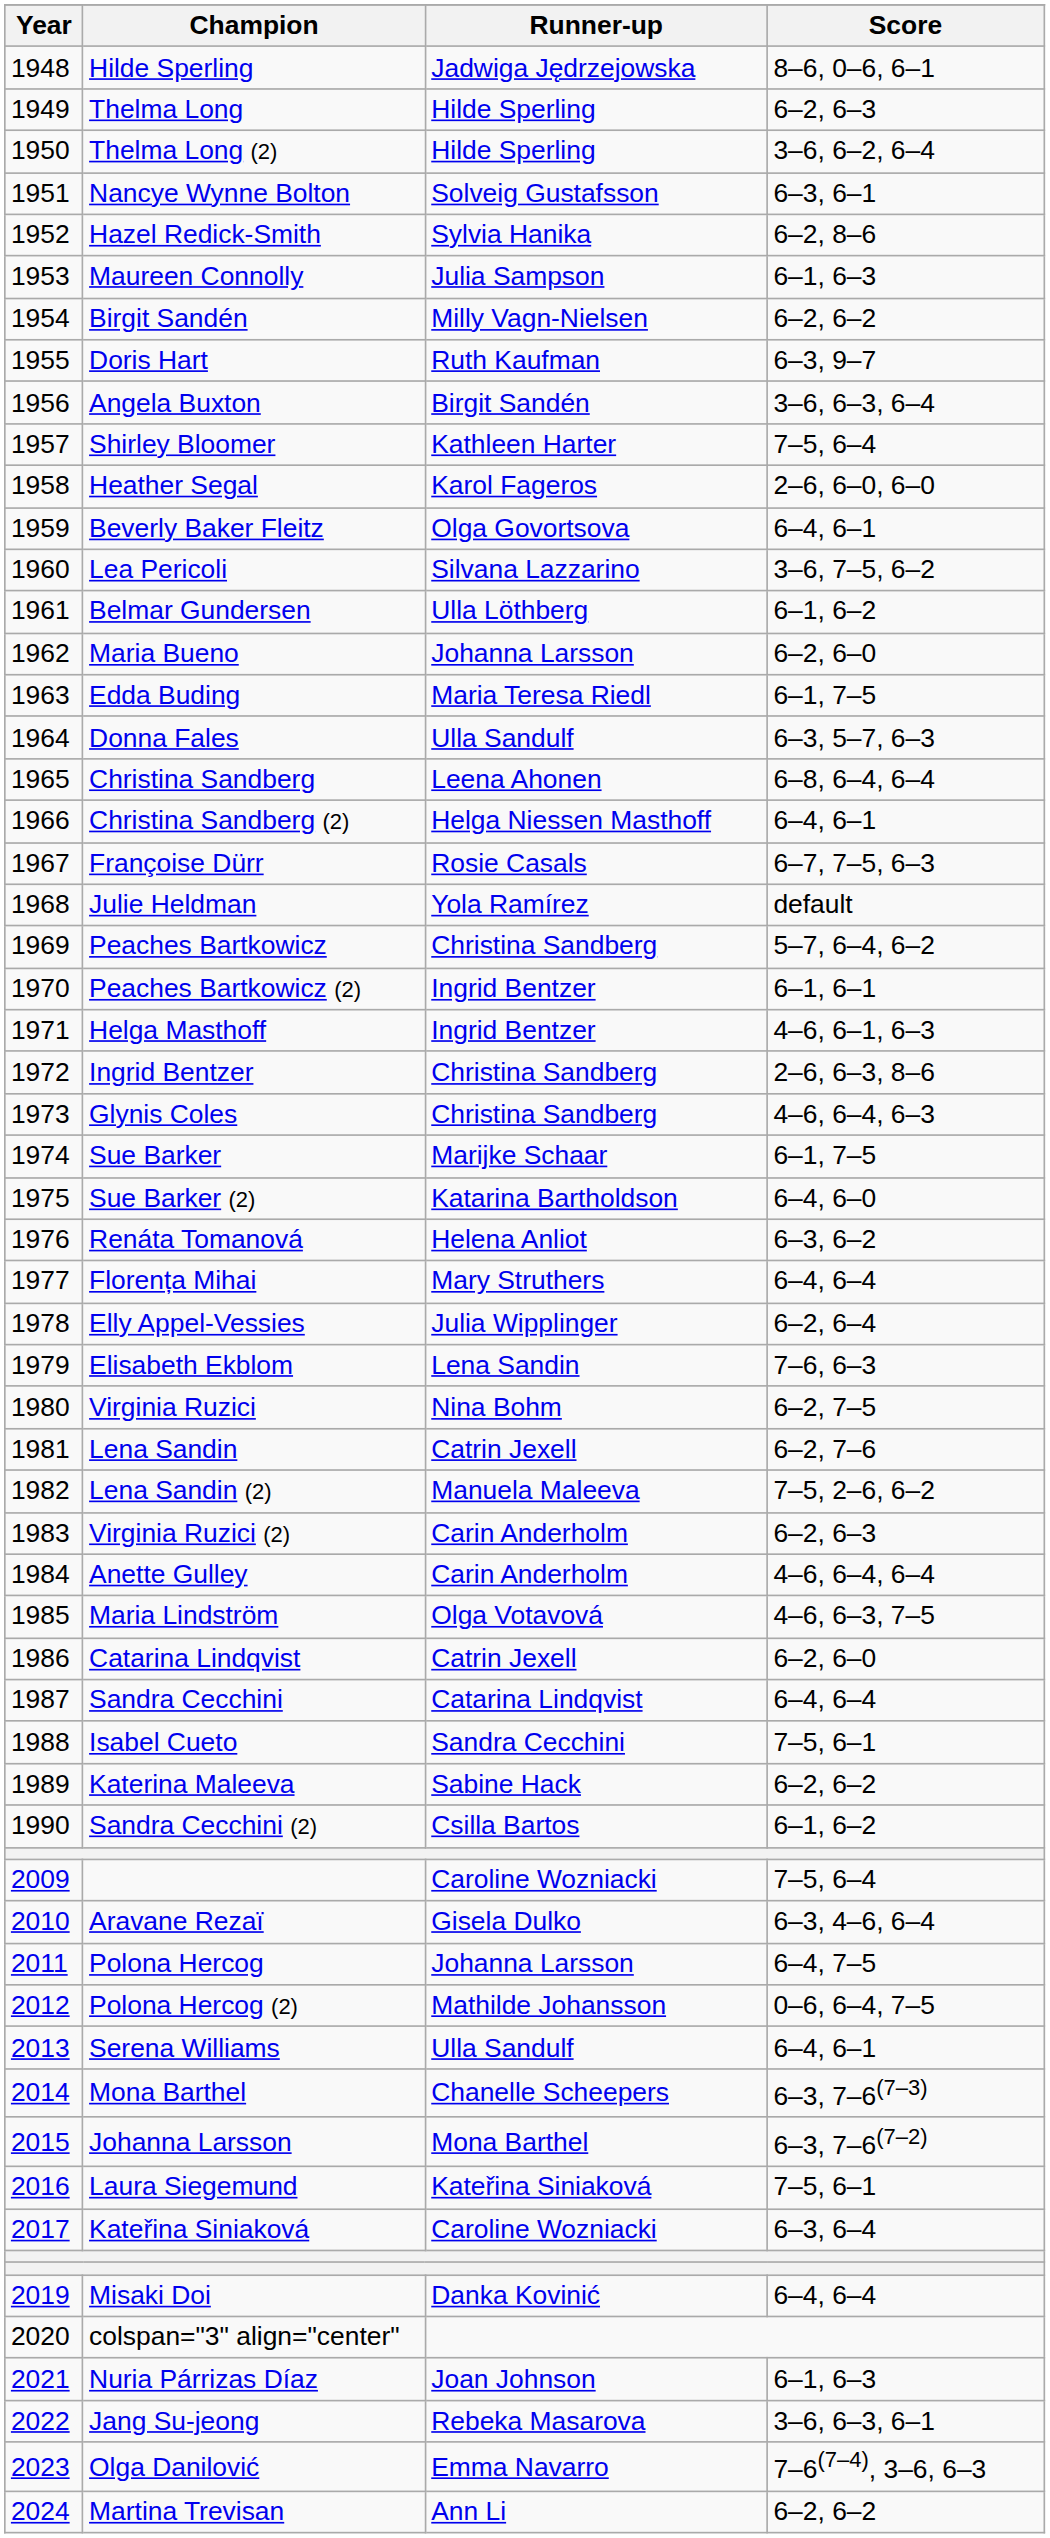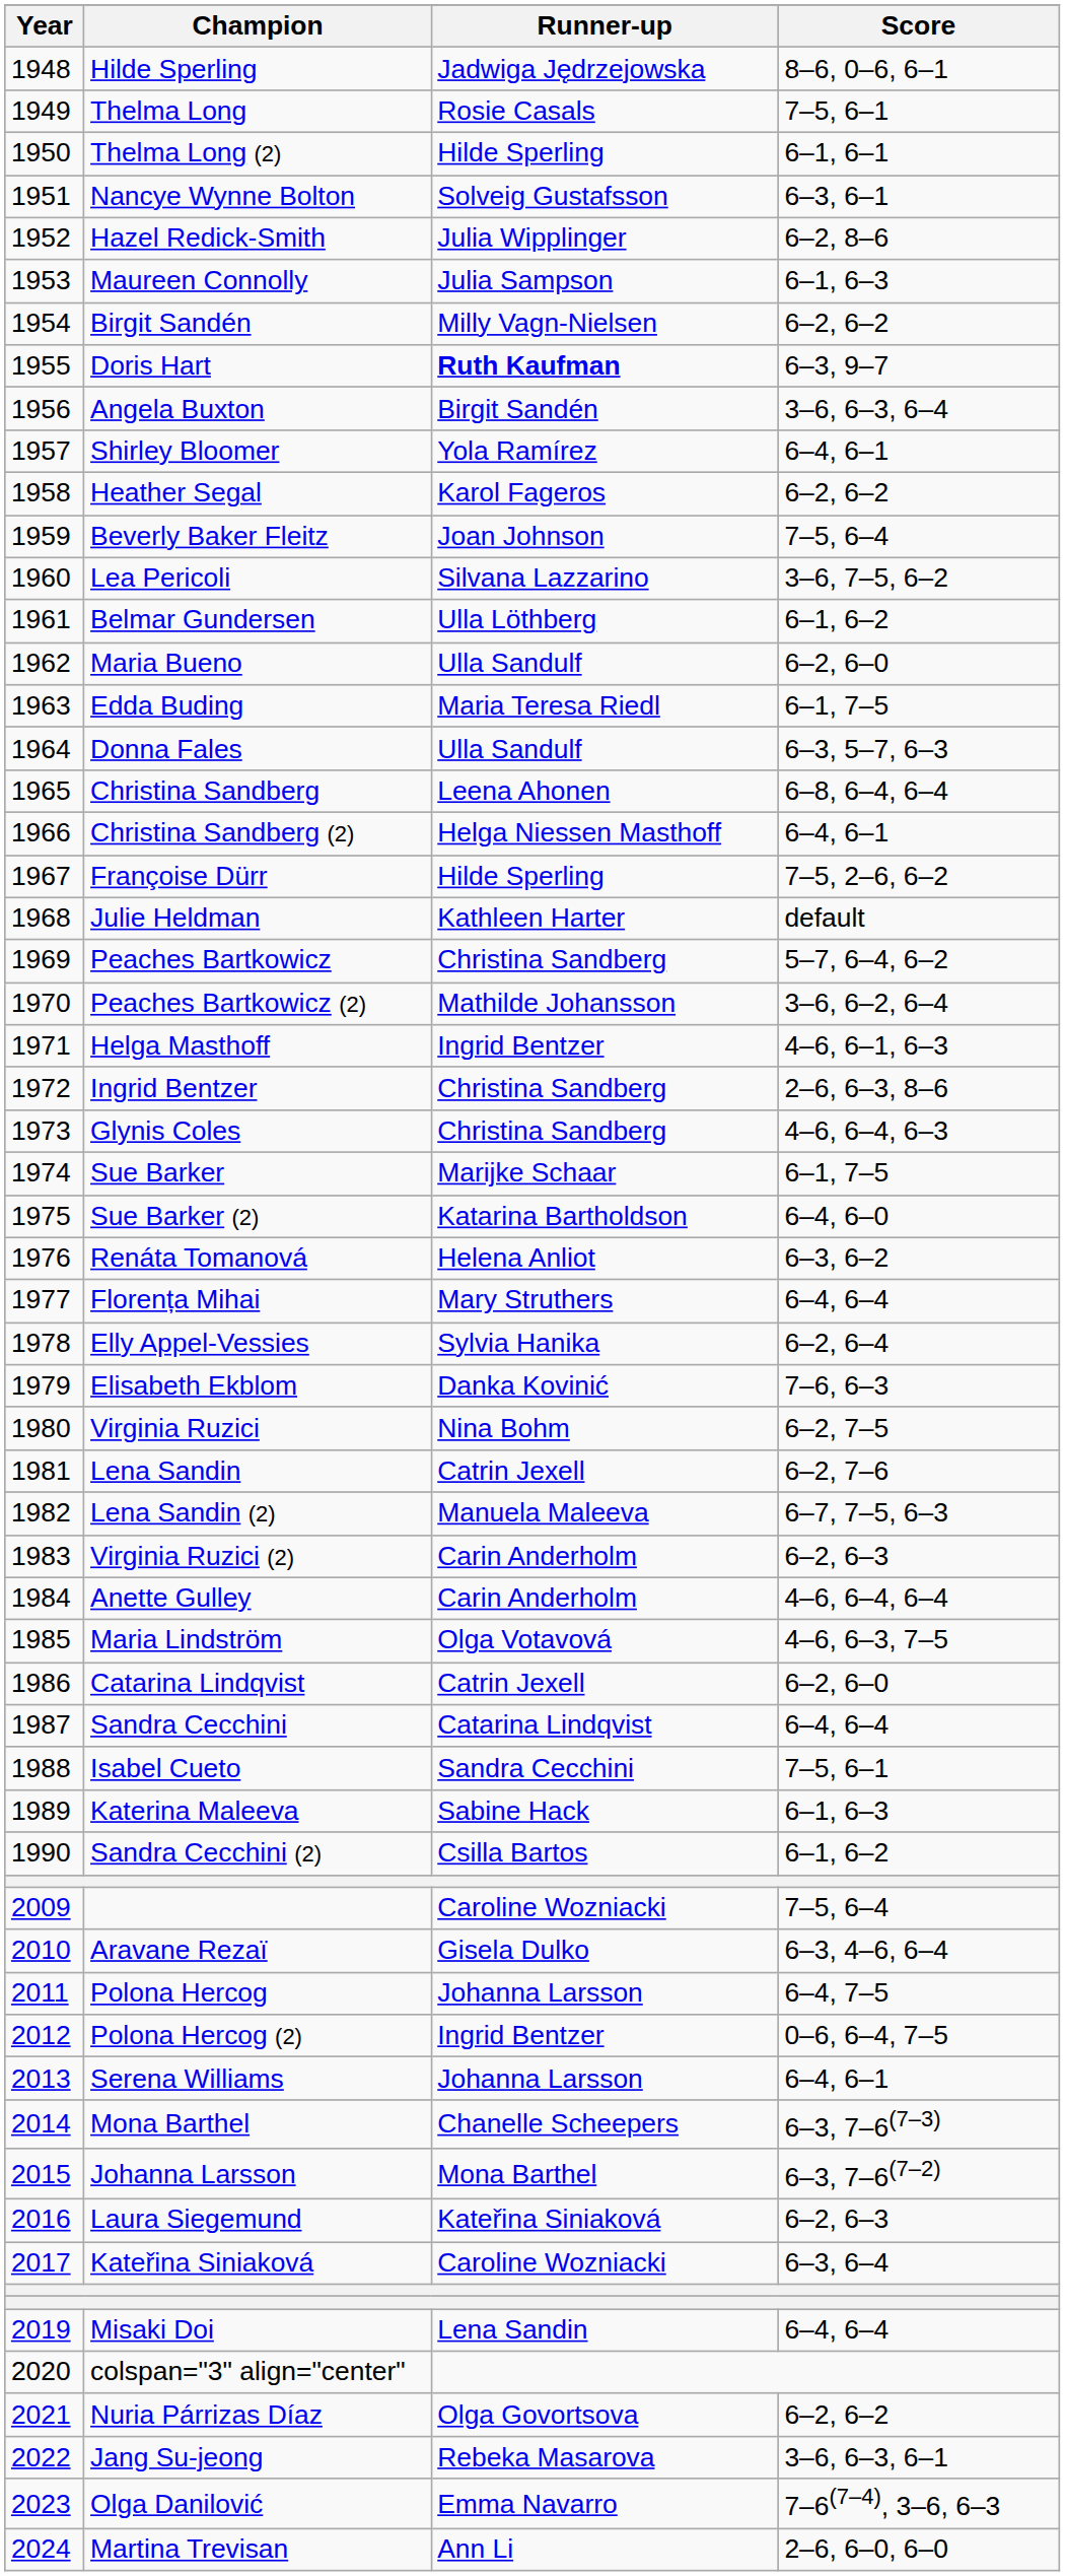 <table class="wikitable">
 <tr>
 </tr>
 <tr>
 <th style="width:40px">Year</th>
 <th style="width:200px">Champion</th>
 <th style="width:200px">Runner-up</th>
 <th style="width:160px" class="unsortable">Score</th>
 </tr>
 <tr>
 <td>1948</td>
 <td> <a href='#'>Hilde Sperling</a></td>
 <td> <a href='#'>Jadwiga Jędrzejowska</a></td>
 <td>8–6, 0–6, 6–1</td>
 </tr>
 <tr>
 <td>1949</td>
 <td> <a href='#'>Thelma Long</a></td>
-<td> <a href='#'>Hilde Sperling</a></td>
-<td>6–2, 6–3</td>
+<td> <a href='#'>Rosie Casals</a></td>
+<td>7–5, 6–1</td>
 </tr>
 <tr>
 <td>1950</td>
 <td> <a href='#'>Thelma Long</a> <small> (2) </small></td>
 <td> <a href='#'>Hilde Sperling</a></td>
-<td>3–6, 6–2, 6–4</td>
+<td>6–1, 6–1</td>
 </tr>
 <tr>
 <td>1951</td>
 <td> <a href='#'>Nancye Wynne Bolton</a></td>
 <td> <a href='#'>Solveig Gustafsson</a></td>
 <td>6–3, 6–1</td>
 </tr>
 <tr>
 <td>1952</td>
 <td> <a href='#'>Hazel Redick-Smith</a></td>
-<td> <a href='#'>Sylvia Hanika</a></td>
+<td> <a href='#'>Julia Wipplinger</a></td>
 <td>6–2, 8–6</td>
 </tr>
 <tr>
 <td>1953</td>
 <td> <a href='#'>Maureen Connolly</a></td>
 <td> <a href='#'>Julia Sampson</a></td>
 <td>6–1, 6–3</td>
 </tr>
 <tr>
 <td>1954</td>
 <td> <a href='#'>Birgit Sandén</a></td>
 <td> <a href='#'>Milly Vagn-Nielsen</a></td>
 <td>6–2, 6–2</td>
 </tr>
 <tr>
 <td>1955</td>
 <td> <a href='#'>Doris Hart</a></td>
-<td> <a href='#'>Ruth Kaufman</a></td>
+<td><strong> <a href='#'>Ruth Kaufman</a></strong></td>
 <td>6–3, 9–7</td>
 </tr>
 <tr>
 <td>1956</td>
 <td> <a href='#'>Angela Buxton</a></td>
 <td> <a href='#'>Birgit Sandén</a></td>
 <td>3–6, 6–3, 6–4</td>
 </tr>
 <tr>
 <td>1957</td>
 <td> <a href='#'>Shirley Bloomer</a></td>
-<td> <a href='#'>Kathleen Harter</a></td>
-<td>7–5, 6–4</td>
+<td> <a href='#'>Yola Ramírez</a></td>
+<td>6–4, 6–1</td>
 </tr>
 <tr>
 <td>1958</td>
 <td> <a href='#'>Heather Segal</a></td>
 <td> <a href='#'>Karol Fageros</a></td>
-<td>2–6, 6–0, 6–0</td>
+<td>6–2, 6–2</td>
 </tr>
 <tr>
 <td>1959</td>
 <td> <a href='#'>Beverly Baker Fleitz</a></td>
-<td> <a href='#'>Olga Govortsova</a></td>
-<td>6–4, 6–1</td>
+<td> <a href='#'>Joan Johnson</a></td>
+<td>7–5, 6–4</td>
 </tr>
 <tr>
 <td>1960</td>
 <td> <a href='#'>Lea Pericoli</a></td>
 <td> <a href='#'>Silvana Lazzarino</a></td>
 <td>3–6, 7–5, 6–2</td>
 </tr>
 <tr>
 <td>1961</td>
 <td> <a href='#'>Belmar Gundersen</a></td>
 <td> <a href='#'>Ulla Löthberg</a></td>
 <td>6–1, 6–2</td>
 </tr>
 <tr>
 <td>1962</td>
 <td> <a href='#'>Maria Bueno</a></td>
-<td> <a href='#'>Johanna Larsson</a></td>
+<td> <a href='#'>Ulla Sandulf</a></td>
 <td>6–2, 6–0</td>
 </tr>
 <tr>
 <td>1963</td>
 <td> <a href='#'>Edda Buding</a></td>
 <td> <a href='#'>Maria Teresa Riedl</a></td>
 <td>6–1, 7–5</td>
 </tr>
 <tr>
 <td>1964</td>
 <td> <a href='#'>Donna Fales</a></td>
 <td> <a href='#'>Ulla Sandulf</a></td>
 <td>6–3, 5–7, 6–3</td>
 </tr>
 <tr>
 <td>1965</td>
 <td> <a href='#'>Christina Sandberg</a></td>
 <td> <a href='#'>Leena Ahonen</a></td>
 <td>6–8, 6–4, 6–4</td>
 </tr>
 <tr>
 <td>1966</td>
 <td> <a href='#'>Christina Sandberg</a> <small> (2) </small></td>
 <td> <a href='#'>Helga Niessen Masthoff</a></td>
 <td>6–4, 6–1</td>
 </tr>
 <tr>
 <td>1967</td>
 <td> <a href='#'>Françoise Dürr</a></td>
-<td> <a href='#'>Rosie Casals</a></td>
-<td>6–7, 7–5, 6–3</td>
+<td> <a href='#'>Hilde Sperling</a></td>
+<td>7–5, 2–6, 6–2</td>
 </tr>
 <tr>
 <td>1968</td>
 <td> <a href='#'>Julie Heldman</a></td>
-<td> <a href='#'>Yola Ramírez</a></td>
+<td> <a href='#'>Kathleen Harter</a></td>
 <td>default</td>
 </tr>
 <tr>
 <td>1969</td>
 <td> <a href='#'>Peaches Bartkowicz</a></td>
 <td> <a href='#'>Christina Sandberg</a></td>
 <td>5–7, 6–4, 6–2</td>
 </tr>
 <tr>
 <td>1970</td>
 <td> <a href='#'>Peaches Bartkowicz</a> <small> (2) </small></td>
-<td> <a href='#'>Ingrid Bentzer</a></td>
-<td>6–1, 6–1</td>
+<td> <a href='#'>Mathilde Johansson</a></td>
+<td>3–6, 6–2, 6–4</td>
 </tr>
 <tr>
 <td>1971</td>
 <td> <a href='#'>Helga Masthoff</a></td>
 <td> <a href='#'>Ingrid Bentzer</a></td>
 <td>4–6, 6–1, 6–3</td>
 </tr>
 <tr>
 <td>1972</td>
 <td> <a href='#'>Ingrid Bentzer</a></td>
 <td> <a href='#'>Christina Sandberg</a></td>
 <td>2–6, 6–3, 8–6</td>
 </tr>
 <tr>
 <td>1973</td>
 <td> <a href='#'>Glynis Coles</a></td>
 <td> <a href='#'>Christina Sandberg</a></td>
 <td>4–6, 6–4, 6–3</td>
 </tr>
 <tr>
 <td>1974</td>
 <td> <a href='#'>Sue Barker</a></td>
 <td> <a href='#'>Marijke Schaar</a></td>
 <td>6–1, 7–5</td>
 </tr>
 <tr>
 <td>1975</td>
 <td> <a href='#'>Sue Barker</a> <small> (2) </small></td>
 <td> <a href='#'>Katarina Bartholdson</a></td>
 <td>6–4, 6–0</td>
 </tr>
 <tr>
 <td>1976</td>
 <td> <a href='#'>Renáta Tomanová</a></td>
 <td> <a href='#'>Helena Anliot</a></td>
 <td>6–3, 6–2</td>
 </tr>
 <tr>
 <td>1977</td>
 <td> <a href='#'>Florența Mihai</a></td>
 <td> <a href='#'>Mary Struthers</a></td>
 <td>6–4, 6–4</td>
 </tr>
 <tr>
 <td>1978</td>
 <td> <a href='#'>Elly Appel-Vessies</a></td>
-<td> <a href='#'>Julia Wipplinger</a></td>
+<td> <a href='#'>Sylvia Hanika</a></td>
 <td>6–2, 6–4</td>
 </tr>
 <tr>
 <td>1979</td>
 <td> <a href='#'>Elisabeth Ekblom</a></td>
-<td> <a href='#'>Lena Sandin</a></td>
+<td> <a href='#'>Danka Kovinić</a></td>
 <td>7–6, 6–3</td>
 </tr>
 <tr>
 <td>1980</td>
 <td> <a href='#'>Virginia Ruzici</a></td>
 <td> <a href='#'>Nina Bohm</a></td>
 <td>6–2, 7–5</td>
 </tr>
 <tr>
 <td>1981</td>
 <td> <a href='#'>Lena Sandin</a></td>
 <td> <a href='#'>Catrin Jexell</a></td>
 <td>6–2, 7–6</td>
 </tr>
 <tr>
 <td>1982</td>
 <td> <a href='#'>Lena Sandin</a> <small> (2) </small></td>
 <td> <a href='#'>Manuela Maleeva</a></td>
-<td>7–5, 2–6, 6–2</td>
+<td>6–7, 7–5, 6–3</td>
 </tr>
 <tr>
 <td>1983</td>
 <td> <a href='#'>Virginia Ruzici</a> <small> (2) </small></td>
 <td> <a href='#'>Carin Anderholm</a></td>
 <td>6–2, 6–3</td>
 </tr>
 <tr>
 <td>1984</td>
 <td> <a href='#'>Anette Gulley</a></td>
 <td> <a href='#'>Carin Anderholm</a></td>
 <td>4–6, 6–4, 6–4</td>
 </tr>
 <tr>
 <td>1985</td>
 <td> <a href='#'>Maria Lindström</a></td>
 <td> <a href='#'>Olga Votavová</a></td>
 <td>4–6, 6–3, 7–5</td>
 </tr>
 <tr>
 <td>1986</td>
 <td> <a href='#'>Catarina Lindqvist</a></td>
 <td> <a href='#'>Catrin Jexell</a></td>
 <td>6–2, 6–0</td>
 </tr>
 <tr>
 <td>1987</td>
 <td> <a href='#'>Sandra Cecchini</a></td>
 <td> <a href='#'>Catarina Lindqvist</a></td>
 <td>6–4, 6–4</td>
 </tr>
 <tr>
 <td>1988</td>
 <td> <a href='#'>Isabel Cueto</a></td>
 <td> <a href='#'>Sandra Cecchini</a></td>
 <td>7–5, 6–1</td>
 </tr>
 <tr>
 <td>1989</td>
 <td> <a href='#'>Katerina Maleeva</a></td>
 <td> <a href='#'>Sabine Hack</a></td>
-<td>6–2, 6–2</td>
+<td>6–1, 6–3</td>
 </tr>
 <tr>
 <td>1990</td>
 <td> <a href='#'>Sandra Cecchini</a> <small> (2) </small></td>
 <td> <a href='#'>Csilla Bartos</a></td>
 <td>6–1, 6–2</td>
 </tr>
 <tr>
 <th colspan="4"></th>
 </tr>
 <tr>
 <td><a href='#'>2009</a></td>
 <td></td>
 <td> <a href='#'>Caroline Wozniacki</a></td>
 <td>7–5, 6–4</td>
 </tr>
 <tr>
 <td><a href='#'>2010</a></td>
 <td> <a href='#'>Aravane Rezaï</a></td>
 <td> <a href='#'>Gisela Dulko</a></td>
 <td>6–3, 4–6, 6–4</td>
 </tr>
 <tr>
 <td><a href='#'>2011</a></td>
 <td> <a href='#'>Polona Hercog</a></td>
 <td> <a href='#'>Johanna Larsson</a></td>
 <td>6–4, 7–5</td>
 </tr>
 <tr>
 <td><a href='#'>2012</a></td>
 <td> <a href='#'>Polona Hercog</a> <small> (2) </small></td>
-<td> <a href='#'>Mathilde Johansson</a></td>
+<td> <a href='#'>Ingrid Bentzer</a></td>
 <td>0–6, 6–4, 7–5</td>
 </tr>
 <tr>
 <td><a href='#'>2013</a></td>
 <td> <a href='#'>Serena Williams</a></td>
-<td> <a href='#'>Ulla Sandulf</a></td>
+<td> <a href='#'>Johanna Larsson</a></td>
 <td>6–4, 6–1</td>
 </tr>
 <tr>
 <td><a href='#'>2014</a></td>
 <td> <a href='#'>Mona Barthel</a></td>
 <td> <a href='#'>Chanelle Scheepers</a></td>
 <td>6–3, 7–6<sup>(7–3)</sup></td>
 </tr>
 <tr>
 <td><a href='#'>2015</a></td>
 <td> <a href='#'>Johanna Larsson</a></td>
 <td> <a href='#'>Mona Barthel</a></td>
 <td>6–3, 7–6<sup>(7–2)</sup></td>
 </tr>
 <tr>
 <td><a href='#'>2016</a></td>
 <td> <a href='#'>Laura Siegemund</a></td>
 <td> <a href='#'>Kateřina Siniaková</a></td>
-<td>7–5, 6–1</td>
+<td>6–2, 6–3</td>
 </tr>
 <tr>
 <td><a href='#'>2017</a></td>
 <td> <a href='#'>Kateřina Siniaková</a></td>
 <td> <a href='#'>Caroline Wozniacki</a></td>
 <td>6–3, 6–4</td>
 </tr>
 <tr>
 <th colspan="4"></th>
 </tr>
 <tr>
 <th colspan="4"></th>
 </tr>
 <tr>
 <td><a href='#'>2019</a></td>
 <td> <a href='#'>Misaki Doi</a></td>
-<td> <a href='#'>Danka Kovinić</a></td>
+<td> <a href='#'>Lena Sandin</a></td>
 <td>6–4, 6–4</td>
 </tr>
 <tr>
 <td>2020</td>
 <td>colspan="3" align="center" </td>
 </tr>
 <tr>
 <td><a href='#'>2021</a></td>
 <td> <a href='#'>Nuria Párrizas Díaz</a></td>
-<td> <a href='#'>Joan Johnson</a></td>
-<td>6–1, 6–3</td>
+<td> <a href='#'>Olga Govortsova</a></td>
+<td>6–2, 6–2</td>
 </tr>
 <tr>
 <td><a href='#'>2022</a></td>
 <td> <a href='#'>Jang Su-jeong</a></td>
 <td> <a href='#'>Rebeka Masarova</a></td>
 <td>3–6, 6–3, 6–1</td>
 </tr>
 <tr>
 <td><a href='#'>2023</a></td>
 <td> <a href='#'>Olga Danilović</a></td>
 <td> <a href='#'>Emma Navarro</a></td>
 <td>7–6<sup>(7–4)</sup>, 3–6, 6–3</td>
 </tr>
 <tr>
 <td><a href='#'>2024</a></td>
 <td> <a href='#'>Martina Trevisan</a></td>
 <td> <a href='#'>Ann Li</a></td>
-<td>6–2, 6–2</td>
+<td>2–6, 6–0, 6–0</td>
 </tr>
 </table>
